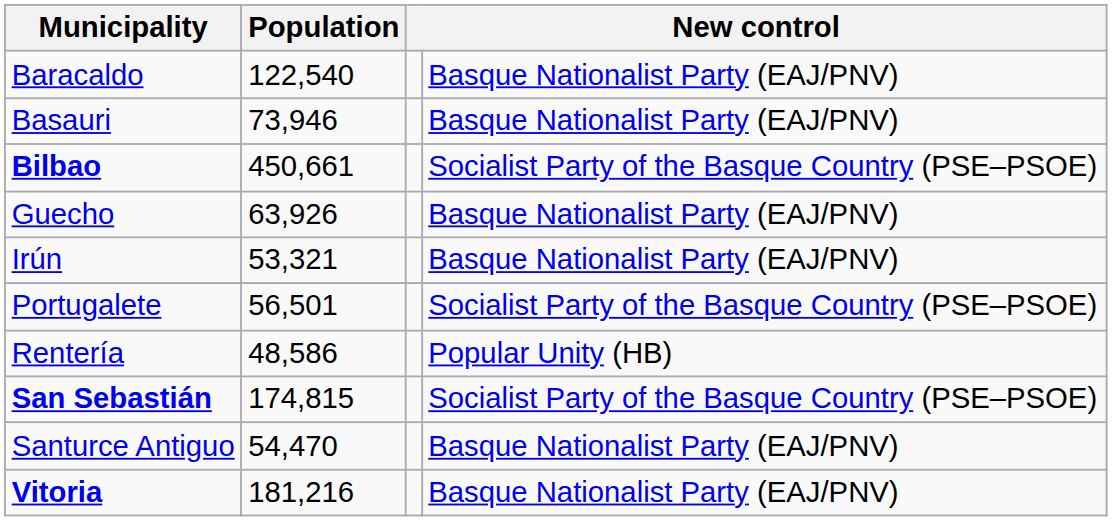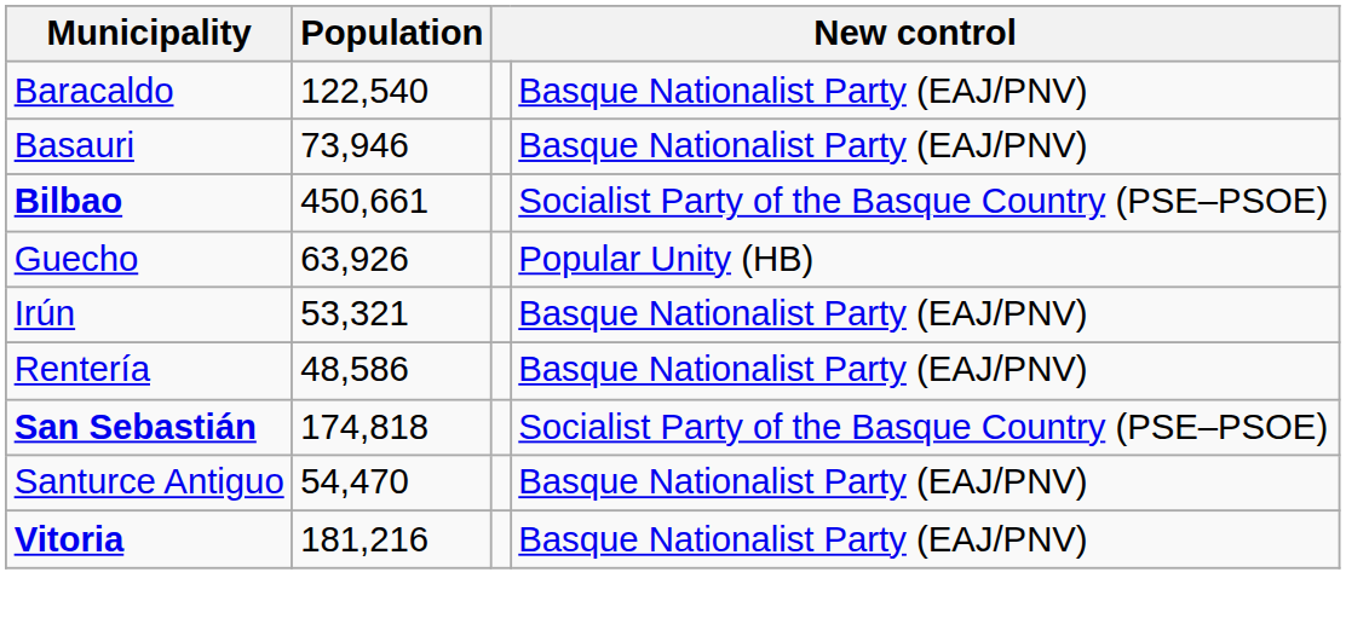 <table class="wikitable sortable">
 <tr>
 <th>Municipality</th>
 <th>Population</th>
 <th colspan="2" style="width:375px;">New control</th>
 </tr>
 <tr>
 <td><a href='#'>Baracaldo</a></td>
 <td>122,540</td>
 <td width="1" style="color:inherit;background:"></td>
 <td><a href='#'>Basque Nationalist Party</a> (EAJ/PNV)</td>
 </tr>
 <tr>
 <td><a href='#'>Basauri</a></td>
 <td>73,946</td>
 <td style="color:inherit;background:"></td>
 <td><a href='#'>Basque Nationalist Party</a> (EAJ/PNV)</td>
 </tr>
 <tr>
 <td><strong><a href='#'>Bilbao</a></strong></td>
 <td>450,661</td>
 <td style="color:inherit;background:"></td>
 <td><a href='#'>Socialist Party of the Basque Country</a> (PSE–PSOE)</td>
 </tr>
 <tr>
 <td><a href='#'>Guecho</a></td>
 <td>63,926</td>
 <td style="color:inherit;background:"></td>
-<td><a href='#'>Basque Nationalist Party</a> (EAJ/PNV)</td>
+<td><a href='#'>Popular Unity</a> (HB)</td>
 </tr>
 <tr>
 <td><a href='#'>Irún</a></td>
 <td>53,321</td>
 <td style="color:inherit;background:"></td>
 <td><a href='#'>Basque Nationalist Party</a> (EAJ/PNV)</td>
 </tr>
 <tr>
-<td><a href='#'>Portugalete</a></td>
-<td>56,501</td>
-<td style="color:inherit;background:"></td>
-<td><a href='#'>Socialist Party of the Basque Country</a> (PSE–PSOE)</td>
-</tr>
-<tr>
 <td><a href='#'>Rentería</a></td>
 <td>48,586</td>
 <td style="color:inherit;background:"></td>
-<td><a href='#'>Popular Unity</a> (HB)</td>
+<td><a href='#'>Basque Nationalist Party</a> (EAJ/PNV)</td>
 </tr>
 <tr>
 <td><strong><a href='#'>San Sebastián</a></strong></td>
-<td>174,815</td>
+<td>174,818</td>
 <td style="color:inherit;background:"></td>
 <td><a href='#'>Socialist Party of the Basque Country</a> (PSE–PSOE)</td>
 </tr>
 <tr>
 <td><a href='#'>Santurce Antiguo</a></td>
 <td>54,470</td>
 <td style="color:inherit;background:"></td>
 <td><a href='#'>Basque Nationalist Party</a> (EAJ/PNV)</td>
 </tr>
 <tr>
 <td><strong><a href='#'>Vitoria</a></strong></td>
 <td>181,216</td>
 <td style="color:inherit;background:"></td>
 <td><a href='#'>Basque Nationalist Party</a> (EAJ/PNV)</td>
 </tr>
 </table>
